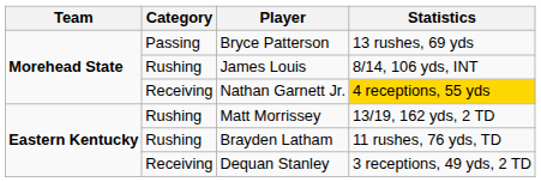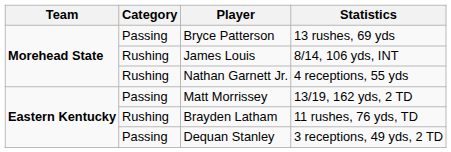 <table class="wikitable" style="float: right;">
 <tr>
 <th>Team</th>
 <th>Category</th>
 <th>Player</th>
 <th>Statistics</th>
 </tr>
 <tr>
 <td rowspan=3><strong>Morehead State</strong></td>
 <td>Passing</td>
 <td>Bryce Patterson</td>
 <td>13 rushes, 69 yds</td>
 </tr>
 <tr>
 <td>Rushing</td>
 <td>James Louis</td>
 <td>8/14, 106 yds, INT</td>
 </tr>
 <tr>
-<td>Receiving</td>
+<td>Rushing</td>
 <td>Nathan Garnett Jr.</td>
-<td style="background: gold;">4 receptions, 55 yds</td>
+<td>4 receptions, 55 yds</td>
 </tr>
 <tr>
 <td rowspan=3><strong>Eastern Kentucky</strong></td>
-<td>Rushing</td>
+<td>Passing</td>
 <td>Matt Morrissey</td>
 <td>13/19, 162 yds, 2 TD</td>
 </tr>
 <tr>
 <td>Rushing</td>
 <td>Brayden Latham</td>
 <td>11 rushes, 76 yds, TD</td>
 </tr>
 <tr>
-<td>Receiving</td>
+<td>Passing</td>
 <td>Dequan Stanley</td>
 <td>3 receptions, 49 yds, 2 TD</td>
 </tr>
 </table>
